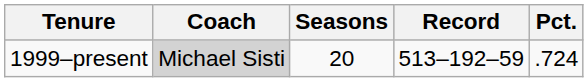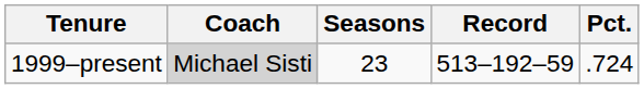 <table class="wikitable sortable;" style="text-align:center;">
 <tr>
 <th>Tenure</th>
 <th>Coach</th>
 <th>Seasons</th>
 <th>Record</th>
 <th>Pct.</th>
 </tr>
 <tr style="text-align:center;">
 <td>1999–present</td>
 <td style="background: lightgrey;">Michael Sisti</td>
-<td>20</td>
+<td>23</td>
 <td>513–192–59</td>
 <td>.724</td>
 </tr>
 </table>
